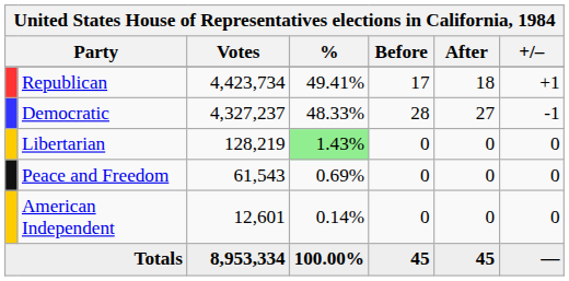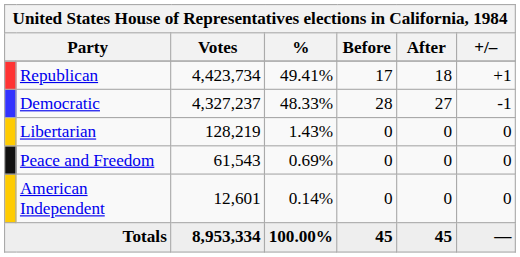 <table class="wikitable" style="font-size: 95%;">
 <tr>
 <th colspan="7">United States House of Representatives elections in California, 1984</th>
 </tr>
 <tr>
 <th colspan=2 style="width: 5em">Party</th>
 <th style="width: 5em">Votes</th>
 <th style="width: 3em">%</th>
 <th style="width: 3em">Before</th>
 <th style="width: 3em">After</th>
 <th style="width: 3em">+/–</th>
 </tr>
 <tr>
 </tr>
 <tr>
 <th style="background-color:#FF3333; width: 3px"></th>
 <td style="width: 130px"><a href='#'>Republican</a></td>
 <td align="right">4,423,734</td>
 <td align="right">49.41%</td>
 <td align="right">17</td>
 <td align="right">18</td>
 <td align="right">+1</td>
 </tr>
 <tr>
 <th style="background-color:#3333FF; width: 3px"></th>
 <td style="width: 130px"><a href='#'>Democratic</a></td>
 <td align="right">4,327,237</td>
 <td align="right">48.33%</td>
 <td align="right">28</td>
 <td align="right">27</td>
 <td align="right">-1</td>
 </tr>
 <tr>
 <th style="background-color:#FFCC00; width: 3px"></th>
 <td style="width: 130px"><a href='#'>Libertarian</a></td>
 <td align="right">128,219</td>
-<td align="right" style="background: lightgreen;">1.43%</td>
+<td align="right">1.43%</td>
 <td align="right">0</td>
 <td align="right">0</td>
 <td align="right">0</td>
 </tr>
 <tr>
 <th style="background-color:#111111; width: 3px"></th>
 <td style="width: 130px"><a href='#'>Peace and Freedom</a></td>
 <td align="right">61,543</td>
 <td align="right">0.69%</td>
 <td align="right">0</td>
 <td align="right">0</td>
 <td align="right">0</td>
 </tr>
 <tr>
 <th style="background-color:#FFCC00; width: 3px"></th>
 <td style="width: 130px"><a href='#'>American Independent</a></td>
 <td align="right">12,601</td>
 <td align="right">0.14%</td>
 <td align="right">0</td>
 <td align="right">0</td>
 <td align="right">0</td>
 </tr>
 <tr bgcolor="#EEEEEE">
 <td colspan="2" align="right"><strong>Totals</strong></td>
 <td align="right"><strong>8,953,334</strong></td>
 <td align="right"><strong>100.00%</strong></td>
 <td align="right"><strong>45</strong></td>
 <td align="right"><strong>45</strong></td>
 <td align="right"><strong>—</strong></td>
 </tr>
 </table>
